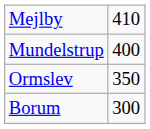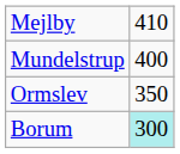 <table class="wikitable" style="float:left; margin-right:1em">
 <tr>
 <td><a href='#'>Mejlby</a></td>
 <td align="center">410</td>
 </tr>
 <tr>
 <td><a href='#'>Mundelstrup</a></td>
 <td align="center">400</td>
 </tr>
 <tr>
 <td><a href='#'>Ormslev</a></td>
 <td align="center">350</td>
 </tr>
 <tr>
 <td><a href='#'>Borum</a></td>
-<td align="center">300</td>
+<td align="center" style="background: paleturquoise;">300</td>
 </tr>
 </table>
